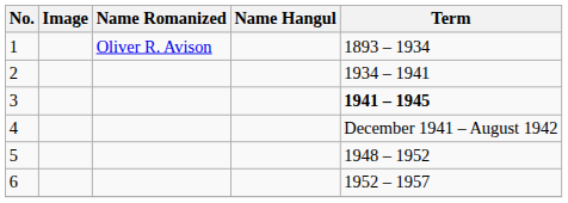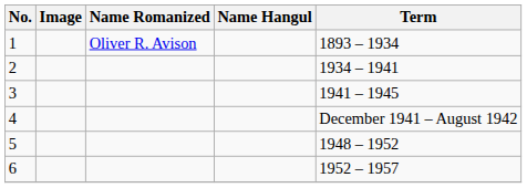 <table class="wikitable sortable">
 <tr>
 <th>No.</th>
 <th>Image</th>
 <th>Name Romanized</th>
 <th>Name Hangul</th>
 <th>Term</th>
 </tr>
 <tr>
 <td>1</td>
 <td></td>
 <td><a href='#'>Oliver R. Avison</a></td>
 <td></td>
 <td>1893 – 1934</td>
 </tr>
 <tr>
 <td>2</td>
 <td></td>
 <td></td>
 <td></td>
 <td>1934 – 1941</td>
 </tr>
 <tr>
 <td>3</td>
 <td></td>
 <td></td>
 <td></td>
-<td><strong>1941 – 1945</strong></td>
+<td>1941 – 1945</td>
 </tr>
 <tr>
 <td>4</td>
 <td></td>
 <td></td>
 <td></td>
 <td>December 1941 – August 1942</td>
 </tr>
 <tr>
 <td>5</td>
 <td></td>
 <td></td>
 <td></td>
 <td>1948 – 1952</td>
 </tr>
 <tr>
 <td>6</td>
 <td></td>
 <td></td>
 <td></td>
 <td>1952 – 1957</td>
 </tr>
 <tr>
 </tr>
 </table>
